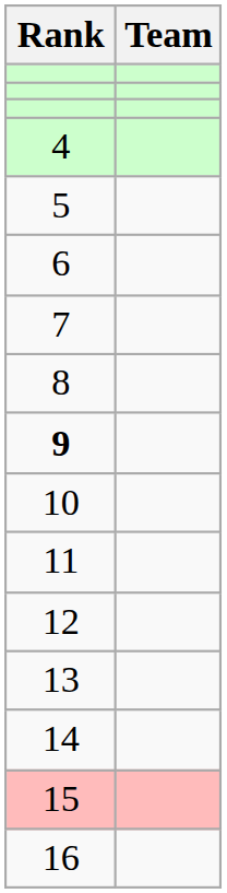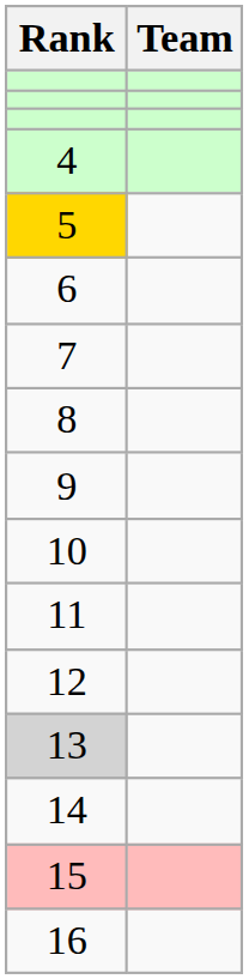 <table class="wikitable">
 <tr>
 <th style="width: 40px;">Rank</th>
 <th>Team</th>
 </tr>
 <tr style="background:#CCFFCC;">
 <td align=center></td>
 <td></td>
 </tr>
 <tr style="background:#CCFFCC;">
 <td align=center></td>
 <td></td>
 </tr>
 <tr style="background:#CCFFCC;">
 <td align=center></td>
 <td></td>
 </tr>
 <tr style="background:#CCFFCC;">
 <td align=center>4</td>
 <td></td>
 </tr>
 <tr>
-<td align=center>5</td>
+<td align=center style="background: gold;">5</td>
 <td></td>
 </tr>
 <tr>
 <td align=center>6</td>
 <td></td>
 </tr>
 <tr>
 <td align=center>7</td>
 <td></td>
 </tr>
 <tr>
 <td align=center>8</td>
 <td></td>
 </tr>
 <tr>
-<td align=center><strong>9</strong></td>
+<td align=center>9</td>
 <td></td>
 </tr>
 <tr>
 <td align=center>10</td>
 <td></td>
 </tr>
 <tr>
 <td align=center>11</td>
 <td></td>
 </tr>
 <tr>
 <td align=center>12</td>
 <td></td>
 </tr>
 <tr>
-<td align=center>13</td>
+<td align=center style="background: lightgrey;">13</td>
 <td></td>
 </tr>
 <tr>
 <td align=center>14</td>
 <td></td>
 </tr>
 <tr bgcolor=#FFBBBB>
 <td align=center>15</td>
 <td></td>
 </tr>
 <tr>
 <td align=center>16</td>
 <td></td>
 </tr>
 </table>
